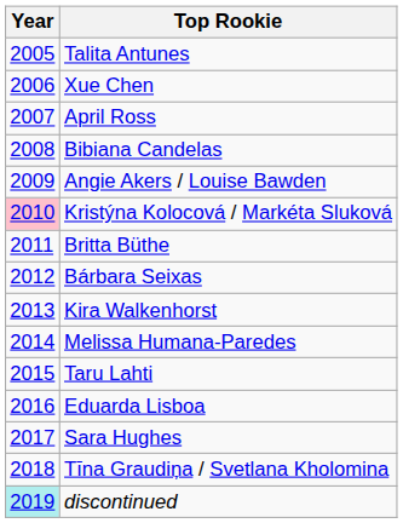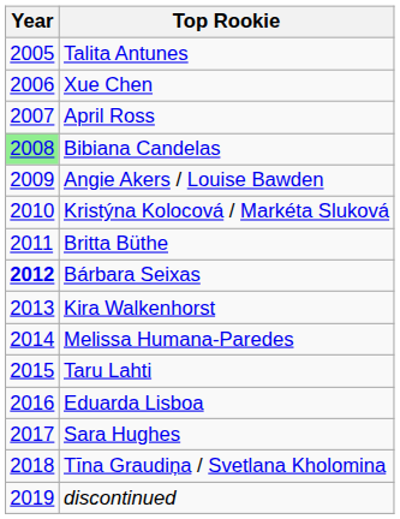 <table class="wikitable sortable" style="display:inline-table;">
 <tr>
 <th>Year</th>
 <th>Top Rookie</th>
 </tr>
 <tr>
 <td><a href='#'>2005</a></td>
 <td> <a href='#'>Talita Antunes</a></td>
 </tr>
 <tr>
 <td><a href='#'>2006</a></td>
 <td> <a href='#'>Xue Chen</a></td>
 </tr>
 <tr>
 <td><a href='#'>2007</a></td>
 <td> <a href='#'>April Ross</a></td>
 </tr>
 <tr>
-<td><a href='#'>2008</a></td>
+<td style="background: lightgreen;"><a href='#'>2008</a></td>
 <td> <a href='#'>Bibiana Candelas</a></td>
 </tr>
 <tr>
 <td><a href='#'>2009</a></td>
 <td> <a href='#'>Angie Akers</a> /  <a href='#'>Louise Bawden</a></td>
 </tr>
 <tr>
-<td style="background: pink;"><a href='#'>2010</a></td>
+<td><a href='#'>2010</a></td>
 <td> <a href='#'>Kristýna Kolocová</a> /  <a href='#'>Markéta Sluková</a></td>
 </tr>
 <tr>
 <td><a href='#'>2011</a></td>
 <td> <a href='#'>Britta Büthe</a></td>
 </tr>
 <tr>
-<td><a href='#'>2012</a></td>
+<td><strong><a href='#'>2012</a></strong></td>
 <td> <a href='#'>Bárbara Seixas</a></td>
 </tr>
 <tr>
 <td><a href='#'>2013</a></td>
 <td> <a href='#'>Kira Walkenhorst</a></td>
 </tr>
 <tr>
 <td><a href='#'>2014</a></td>
 <td> <a href='#'>Melissa Humana-Paredes</a></td>
 </tr>
 <tr>
 <td><a href='#'>2015</a></td>
 <td> <a href='#'>Taru Lahti</a></td>
 </tr>
 <tr>
 <td><a href='#'>2016</a></td>
 <td> <a href='#'>Eduarda Lisboa</a></td>
 </tr>
 <tr>
 <td><a href='#'>2017</a></td>
 <td> <a href='#'>Sara Hughes</a></td>
 </tr>
 <tr>
 <td><a href='#'>2018</a></td>
 <td> <a href='#'>Tīna Graudiņa</a> /  <a href='#'>Svetlana Kholomina</a></td>
 </tr>
 <tr>
-<td style="background: paleturquoise;"><a href='#'>2019</a></td>
+<td><a href='#'>2019</a></td>
 <td><em>discontinued</em></td>
 </tr>
 </table>
